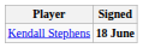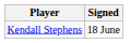 <table class="wikitable sortable sortable" style="text-align: center">
 <tr>
 <th>Player</th>
 <th>Signed</th>
 </tr>
 <tr>
 <td><a href='#'>Kendall Stephens</a></td>
-<td><strong>18 June</strong></td>
+<td>18 June</td>
 </tr>
 </table>
